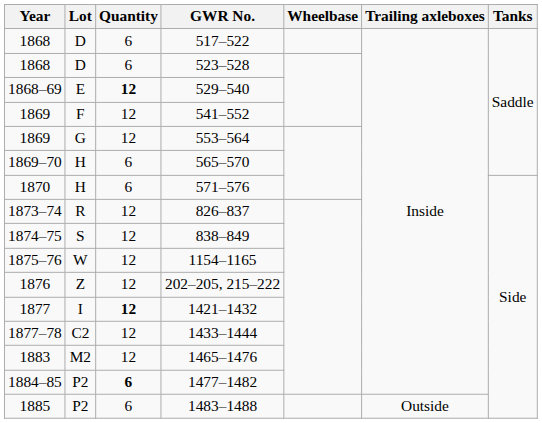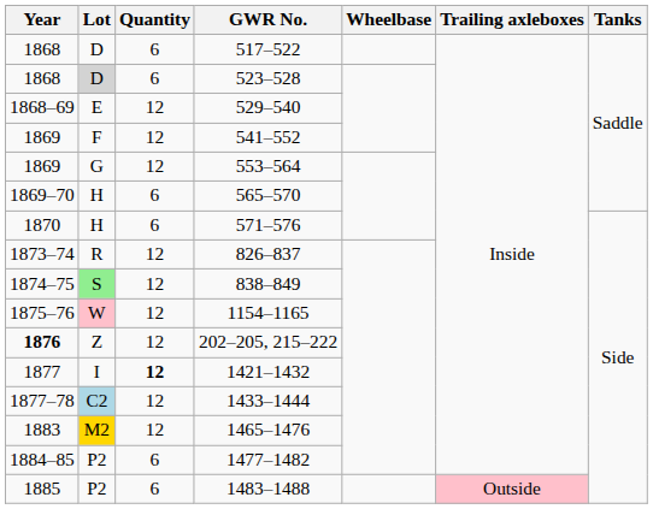 <table class="wikitable" style="text-align:center">
 <tr>
 <th>Year</th>
 <th>Lot</th>
 <th>Quantity</th>
 <th>GWR No.</th>
 <th>Wheelbase</th>
 <th>Trailing axleboxes</th>
 <th>Tanks</th>
 </tr>
 <tr>
 <td>1868</td>
 <td>D</td>
 <td>6</td>
 <td>517–522</td>
 <td></td>
 <td rowspan=15>Inside</td>
 <td rowspan=6>Saddle</td>
 </tr>
 <tr>
 <td>1868</td>
-<td>D</td>
+<td style="background: lightgrey;">D</td>
 <td>6</td>
 <td>523–528</td>
 <td rowspan=3></td>
 </tr>
 <tr>
 <td>1868–69</td>
 <td>E</td>
-<td><strong>12</strong></td>
+<td>12</td>
 <td>529–540</td>
 </tr>
 <tr>
 <td>1869</td>
 <td>F</td>
 <td>12</td>
 <td>541–552</td>
 </tr>
 <tr>
 <td>1869</td>
 <td>G</td>
 <td>12</td>
 <td>553–564</td>
 <td rowspan=3></td>
 </tr>
 <tr>
 <td>1869–70</td>
 <td>H</td>
 <td>6</td>
 <td>565–570</td>
 </tr>
 <tr>
 <td>1870</td>
 <td>H</td>
 <td>6</td>
 <td>571–576</td>
 <td rowspan=10>Side</td>
 </tr>
 <tr>
 <td>1873–74</td>
 <td>R</td>
 <td>12</td>
 <td>826–837</td>
 <td rowspan=8></td>
 </tr>
 <tr>
 <td>1874–75</td>
-<td>S</td>
+<td style="background: lightgreen;">S</td>
 <td>12</td>
 <td>838–849</td>
 </tr>
 <tr>
 <td>1875–76</td>
-<td>W</td>
+<td style="background: pink;">W</td>
 <td>12</td>
 <td>1154–1165</td>
 </tr>
 <tr>
-<td>1876</td>
+<td><strong>1876</strong></td>
 <td>Z</td>
 <td>12</td>
 <td>202–205, 215–222</td>
 </tr>
 <tr>
 <td>1877</td>
 <td>I</td>
 <td><strong>12</strong></td>
 <td>1421–1432</td>
 </tr>
 <tr>
 <td>1877–78</td>
-<td>C2</td>
+<td style="background: lightblue;">C2</td>
 <td>12</td>
 <td>1433–1444</td>
 </tr>
 <tr>
 <td>1883</td>
-<td>M2</td>
+<td style="background: gold;">M2</td>
 <td>12</td>
 <td>1465–1476</td>
 </tr>
 <tr>
 <td>1884–85</td>
 <td>P2</td>
-<td><strong>6</strong></td>
+<td>6</td>
 <td>1477–1482</td>
 </tr>
 <tr>
 <td>1885</td>
 <td>P2</td>
 <td>6</td>
 <td>1483–1488</td>
 <td></td>
-<td>Outside</td>
+<td style="background: pink;">Outside</td>
 </tr>
 </table>
